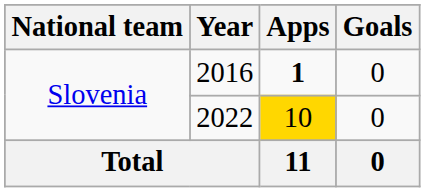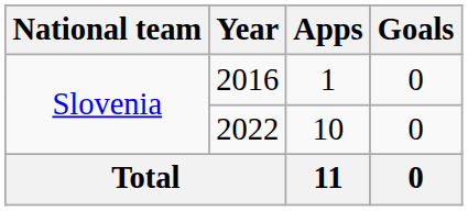 <table class="wikitable" style="text-align:center">
 <tr>
 <th>National team</th>
 <th>Year</th>
 <th>Apps</th>
 <th>Goals</th>
 </tr>
 <tr>
 <td rowspan="2"><a href='#'>Slovenia</a></td>
 <td>2016</td>
-<td><strong>1</strong></td>
+<td>1</td>
 <td>0</td>
 </tr>
 <tr>
 <td>2022</td>
-<td style="background: gold;">10</td>
+<td>10</td>
 <td>0</td>
 </tr>
 <tr>
 <th colspan="2">Total</th>
 <th>11</th>
 <th>0</th>
 </tr>
 </table>
